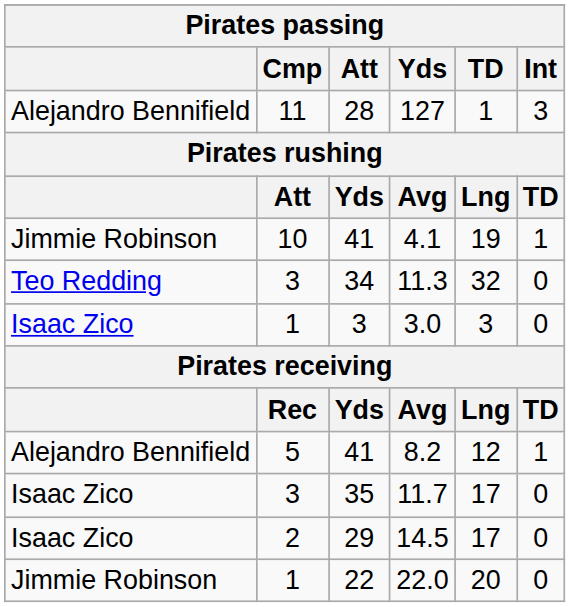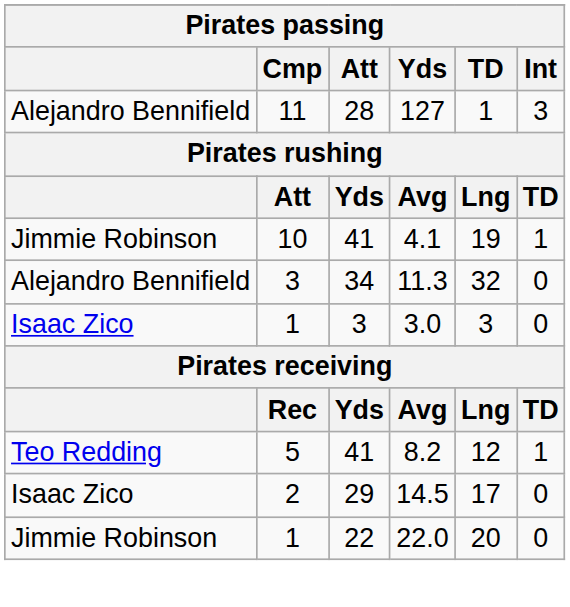 <table class="wikitable" style="text-align:center;">
 <tr>
 </tr>
 <tr>
 <th colspan="6">Pirates passing</th>
 </tr>
 <tr>
 <th></th>
 <th>Cmp</th>
 <th>Att</th>
 <th>Yds</th>
 <th>TD</th>
 <th>Int</th>
 </tr>
 <tr>
 <td align="left">Alejandro Bennifield</td>
 <td>11</td>
 <td>28</td>
 <td>127</td>
 <td>1</td>
 <td>3</td>
 </tr>
 <tr>
 <th colspan="6">Pirates rushing</th>
 </tr>
 <tr>
 <th></th>
 <th>Att</th>
 <th>Yds</th>
 <th>Avg</th>
 <th>Lng</th>
 <th>TD</th>
 </tr>
 <tr>
 <td align="left">Jimmie Robinson</td>
 <td>10</td>
 <td>41</td>
 <td>4.1</td>
 <td>19</td>
 <td>1</td>
 </tr>
 <tr>
-<td align="left"><a href='#'>Teo Redding</a></td>
+<td align="left">Alejandro Bennifield</td>
 <td>3</td>
 <td>34</td>
 <td>11.3</td>
 <td>32</td>
 <td>0</td>
 </tr>
 <tr>
 <td align="left"><a href='#'>Isaac Zico</a></td>
 <td>1</td>
 <td>3</td>
 <td>3.0</td>
 <td>3</td>
 <td>0</td>
 </tr>
 <tr>
 <th colspan="6">Pirates receiving</th>
 </tr>
 <tr>
 <th></th>
 <th>Rec</th>
 <th>Yds</th>
 <th>Avg</th>
 <th>Lng</th>
 <th>TD</th>
 </tr>
 <tr>
-<td align="left">Alejandro Bennifield</td>
+<td align="left"><a href='#'>Teo Redding</a></td>
 <td>5</td>
 <td>41</td>
 <td>8.2</td>
 <td>12</td>
 <td>1</td>
-</tr>
-<tr>
-<td align="left">Isaac Zico</td>
-<td>3</td>
-<td>35</td>
-<td>11.7</td>
-<td>17</td>
-<td>0</td>
 </tr>
 <tr>
 <td align="left">Isaac Zico</td>
 <td>2</td>
 <td>29</td>
 <td>14.5</td>
 <td>17</td>
 <td>0</td>
 </tr>
 <tr>
 <td align="left">Jimmie Robinson</td>
 <td>1</td>
 <td>22</td>
 <td>22.0</td>
 <td>20</td>
 <td>0</td>
 </tr>
 </table>
